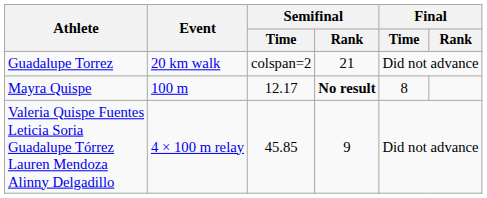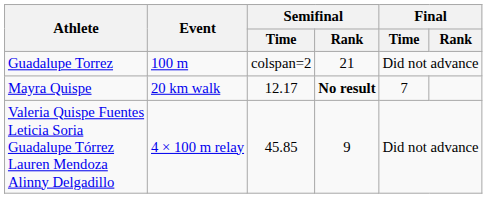 <table class=wikitable style=font-size:90%;text-align:center>
 <tr>
 <th rowspan=2>Athlete</th>
 <th rowspan=2>Event</th>
 <th colspan=2>Semifinal</th>
 <th colspan=2>Final</th>
 </tr>
 <tr style=font-size:95%>
 <th>Time</th>
 <th>Rank</th>
 <th>Time</th>
 <th>Rank</th>
 </tr>
 <tr>
 <td align=left><a href='#'>Guadalupe Torrez</a></td>
-<td align=left><a href='#'>20 km walk</a></td>
+<td align=left><a href='#'>100 m</a></td>
 <td>colspan=2 </td>
 <td>21</td>
 <td colspan="2">Did not advance</td>
 </tr>
 <tr>
 <td align=left><a href='#'>Mayra Quispe</a></td>
-<td align=left><a href='#'>100 m</a></td>
+<td align=left><a href='#'>20 km walk</a></td>
 <td>12.17</td>
 <td><strong>No result</strong></td>
-<td>8</td>
+<td>7</td>
 </tr>
 <tr>
 <td align=left><a href='#'>Valeria Quispe Fuentes</a><br><a href='#'>Leticia Soria</a><br><a href='#'>Guadalupe Tórrez</a><br><a href='#'>Lauren Mendoza</a><br><a href='#'>Alinny Delgadillo</a></td>
 <td align=left><a href='#'>4 × 100 m relay</a></td>
 <td>45.85</td>
 <td>9</td>
 <td colspan=2>Did not advance</td>
 </tr>
 </table>
